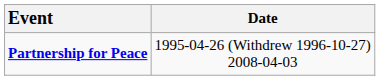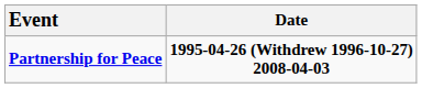 <table class="wikitable sortable" style="text-align:center; font-size:90%;">
 <tr>
 <th style="text-align:left;"><big>Event</big></th>
 <th>Date</th>
 </tr>
 <tr>
 <td style="text-align:left;"><strong><a href='#'>Partnership for Peace</a></strong></td>
-<td>1995-04-26 (Withdrew 1996-10-27)<br> 2008-04-03</td>
+<td><strong>1995-04-26 (Withdrew 1996-10-27)<br> 2008-04-03</strong></td>
 </tr>
 </table>
